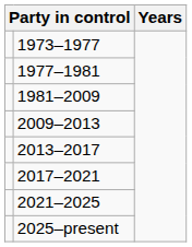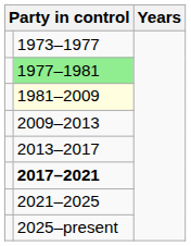 <table class="wikitable">
 <tr>
 <th colspan=2>Party in control</th>
 <th>Years</th>
 </tr>
 <tr>
 <td></td>
 <td>1973–1977</td>
 </tr>
 <tr>
 <td></td>
-<td>1977–1981</td>
+<td style="background: lightgreen;">1977–1981</td>
 </tr>
 <tr>
 <td></td>
-<td>1981–2009</td>
+<td style="background: lightyellow;">1981–2009</td>
 </tr>
 <tr>
 <td></td>
 <td>2009–2013</td>
 </tr>
 <tr>
 <td></td>
 <td>2013–2017</td>
 </tr>
 <tr>
 <td></td>
-<td>2017–2021</td>
+<td><strong>2017–2021</strong></td>
 </tr>
 <tr>
 <td></td>
 <td>2021–2025</td>
 </tr>
 <tr>
 <td></td>
 <td>2025–present</td>
 </tr>
 </table>
